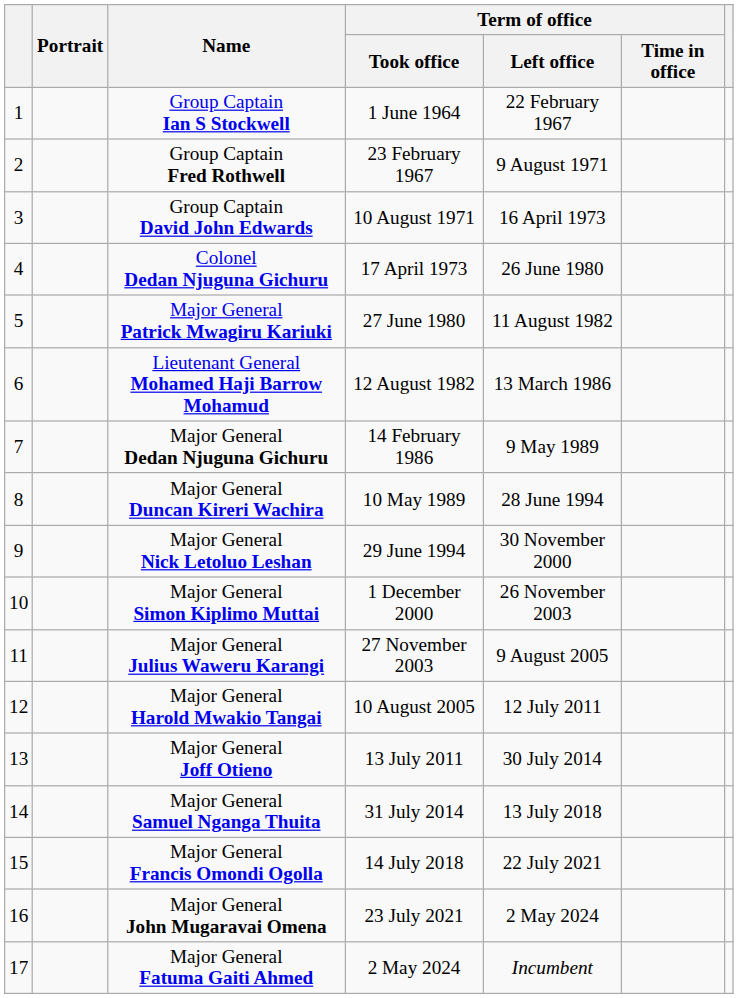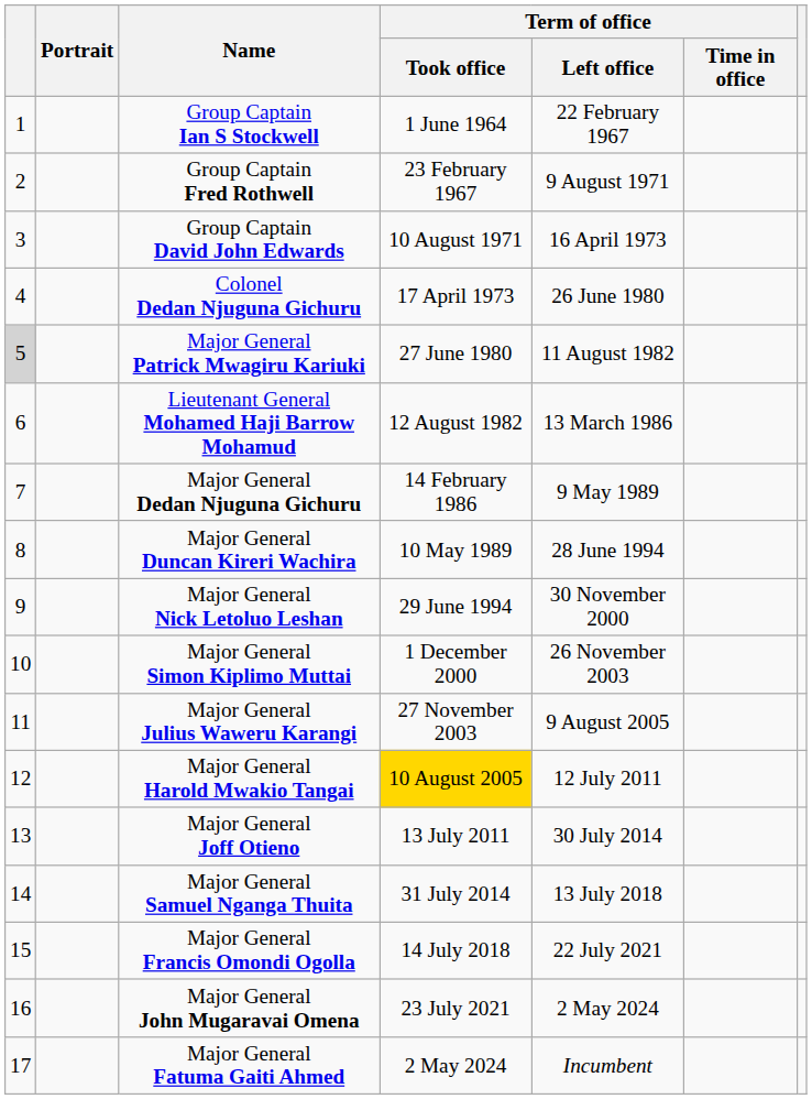 <table class="wikitable" style="text-align:center">
 <tr>
 <th rowspan=2></th>
 <th rowspan="2">Portrait</th>
 <th rowspan=2>Name</th>
 <th colspan=3>Term of office</th>
 <th rowspan=2></th>
 </tr>
 <tr>
 <th>Took office</th>
 <th>Left office</th>
 <th>Time in office</th>
 </tr>
 <tr>
 <td>1</td>
 <td></td>
 <td><a href='#'>Group Captain</a><br><strong><a href='#'>Ian S Stockwell</a></strong><br></td>
 <td>1 June 1964</td>
 <td>22 February 1967</td>
 <td></td>
 <td></td>
 </tr>
 <tr>
 <td>2</td>
 <td></td>
 <td>Group Captain<br><strong>Fred Rothwell</strong></td>
 <td>23 February 1967</td>
 <td>9 August 1971</td>
 <td></td>
 <td></td>
 </tr>
 <tr>
 <td>3</td>
 <td></td>
 <td>Group Captain<br><strong><a href='#'>David John Edwards</a></strong></td>
 <td>10 August 1971</td>
 <td>16 April 1973</td>
 <td></td>
 <td></td>
 </tr>
 <tr>
 <td>4</td>
 <td></td>
 <td><a href='#'>Colonel</a><br><strong><a href='#'>Dedan Njuguna Gichuru</a></strong></td>
 <td>17 April 1973</td>
 <td>26 June 1980</td>
 <td></td>
 <td></td>
 </tr>
 <tr>
-<td>5</td>
+<td style="background: lightgrey;">5</td>
 <td></td>
 <td><a href='#'>Major General</a><br><strong><a href='#'>Patrick Mwagiru Kariuki</a></strong></td>
 <td>27 June 1980</td>
 <td>11 August 1982</td>
 <td></td>
 <td></td>
 </tr>
 <tr>
 <td>6</td>
 <td></td>
 <td><a href='#'>Lieutenant General</a><br><strong><a href='#'>Mohamed Haji Barrow Mohamud</a></strong></td>
 <td>12 August 1982</td>
 <td>13 March 1986</td>
 <td></td>
 <td></td>
 </tr>
 <tr>
 <td>7</td>
 <td></td>
 <td>Major General<br><strong>Dedan Njuguna Gichuru</strong></td>
 <td>14 February 1986</td>
 <td>9 May 1989</td>
 <td></td>
 <td></td>
 </tr>
 <tr>
 <td>8</td>
 <td></td>
 <td>Major General<br><strong><a href='#'>Duncan Kireri Wachira</a></strong></td>
 <td>10 May 1989</td>
 <td>28 June 1994</td>
 <td></td>
 <td></td>
 </tr>
 <tr>
 <td>9</td>
 <td></td>
 <td>Major General<br><strong><a href='#'>Nick Letoluo Leshan</a></strong></td>
 <td>29 June 1994</td>
 <td>30 November 2000</td>
 <td></td>
 <td></td>
 </tr>
 <tr>
 <td>10</td>
 <td></td>
 <td>Major General<br><strong><a href='#'>Simon Kiplimo Muttai</a></strong></td>
 <td>1 December 2000</td>
 <td>26 November 2003</td>
 <td></td>
 <td></td>
 </tr>
 <tr>
 <td>11</td>
 <td></td>
 <td>Major General<br><strong><a href='#'>Julius Waweru Karangi</a></strong><br></td>
 <td>27 November 2003</td>
 <td>9 August 2005</td>
 <td></td>
 <td></td>
 </tr>
 <tr>
 <td>12</td>
 <td></td>
 <td>Major General<br><strong><a href='#'>Harold Mwakio Tangai</a></strong></td>
-<td>10 August 2005</td>
+<td style="background: gold;">10 August 2005</td>
 <td>12 July 2011</td>
 <td></td>
 <td></td>
 </tr>
 <tr>
 <td>13</td>
 <td></td>
 <td>Major General<br><strong><a href='#'>Joff Otieno</a></strong></td>
 <td>13 July 2011</td>
 <td>30 July 2014</td>
 <td></td>
 <td></td>
 </tr>
 <tr>
 <td>14</td>
 <td></td>
 <td>Major General<br><strong><a href='#'>Samuel Nganga Thuita</a></strong></td>
 <td>31 July 2014</td>
 <td>13 July 2018</td>
 <td></td>
 <td></td>
 </tr>
 <tr>
 <td>15</td>
 <td></td>
 <td>Major General<br><strong><a href='#'>Francis Omondi Ogolla</a></strong><br></td>
 <td>14 July 2018</td>
 <td>22 July 2021</td>
 <td></td>
 <td></td>
 </tr>
 <tr>
 <td>16</td>
 <td></td>
 <td>Major General<br><strong>John Mugaravai Omena</strong></td>
 <td>23 July 2021</td>
 <td>2 May 2024</td>
 <td></td>
 <td></td>
 </tr>
 <tr>
 <td>17</td>
 <td></td>
 <td>Major General<br><strong><a href='#'>Fatuma Gaiti Ahmed</a></strong><br></td>
 <td>2 May 2024</td>
 <td><em>Incumbent</em></td>
 <td></td>
 <td></td>
 </tr>
 </table>
